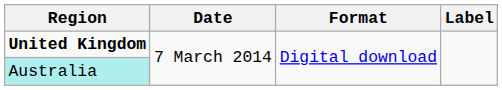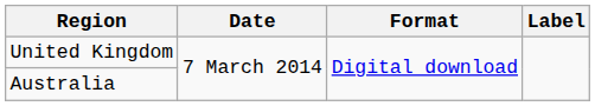 <table class="wikitable sortable">
 <tr>
 <th>Region</th>
 <th>Date</th>
 <th>Format</th>
 <th>Label</th>
 </tr>
 <tr>
-<td><strong>United Kingdom</strong></td>
+<td>United Kingdom</td>
 <td rowspan="2">7 March 2014</td>
 <td rowspan="2"><a href='#'>Digital download</a></td>
 <td rowspan="2"></td>
 </tr>
 <tr>
-<td style="background: paleturquoise;">Australia</td>
+<td>Australia</td>
 </tr>
 </table>
